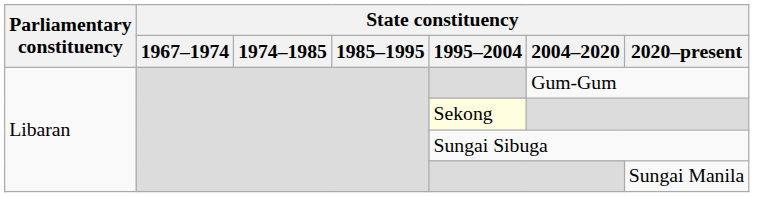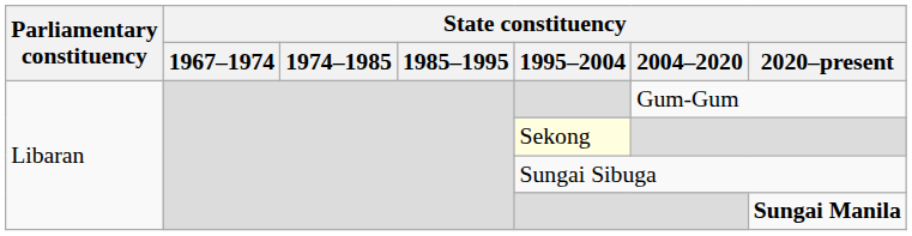 <table class=wikitable>
 <tr>
 <th rowspan=2>Parliamentary<br>constituency</th>
 <th colspan=6>State constituency</th>
 </tr>
 <tr>
 <th>1967–1974</th>
 <th>1974–1985</th>
 <th>1985–1995</th>
 <th>1995–2004</th>
 <th>2004–2020</th>
 <th>2020–present</th>
 </tr>
 <tr>
 <td rowspan=4>Libaran</td>
 <td rowspan=4 colspan=3 bgcolor=dcdcdc></td>
 <td bgcolor=dcdcdc></td>
 <td colspan=2>Gum-Gum</td>
 </tr>
 <tr>
 <td style="background: lightyellow;">Sekong</td>
 <td colspan=2 bgcolor=dcdcdc></td>
 </tr>
 <tr>
 <td colspan=3>Sungai Sibuga</td>
 </tr>
 <tr>
 <td colspan=2 bgcolor=dcdcdc></td>
-<td>Sungai Manila</td>
+<td><strong>Sungai Manila</strong></td>
 </tr>
 </table>
